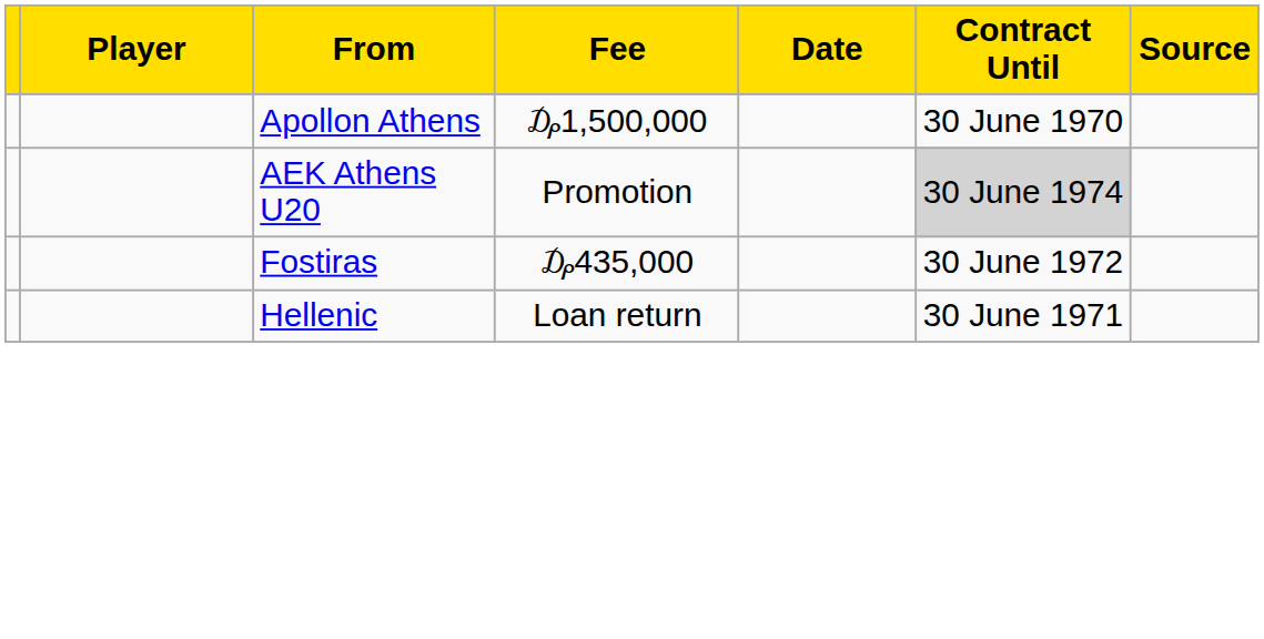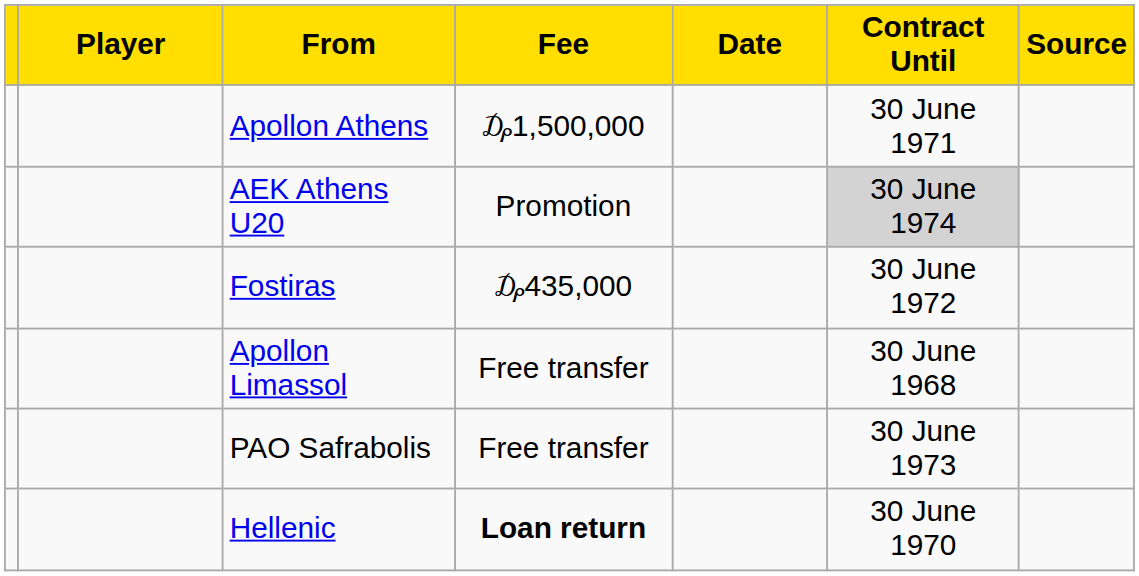 <table class="wikitable sortable">
 <tr>
 <th style="background:#FFDE00"></th>
 <th width=200 style="background:#FFDE00">Player</th>
 <th width=200 style="background:#FFDE00">From</th>
 <th width=150 style="background:#FFDE00">Fee</th>
 <th width=150 style="background:#FFDE00">Date</th>
 <th width=150 style="background:#FFDE00">Contract Until</th>
 <th style="background:#FFDE00">Source</th>
 </tr>
 <tr>
 <td align=center></td>
 <td></td>
 <td> <a href='#'>Apollon Athens</a></td>
 <td align=center>₯1,500,000</td>
 <td align=center></td>
-<td align=center>30 June 1970</td>
+<td align=center>30 June 1971</td>
 <td align=center></td>
 </tr>
 <tr>
 <td align=center></td>
 <td></td>
 <td> <a href='#'>AEK Athens U20</a></td>
 <td align=center>Promotion</td>
 <td align=center></td>
 <td align=center style="background: lightgrey;">30 June 1974</td>
 <td align=center></td>
 </tr>
 <tr>
 <td align=center></td>
 <td></td>
 <td> <a href='#'>Fostiras</a></td>
 <td align=center>₯435,000</td>
 <td align=center></td>
 <td align=center>30 June 1972</td>
 <td align=center></td>
 </tr>
 <tr>
 <td align=center></td>
 <td></td>
+<td> <a href='#'>Apollon Limassol</a></td>
+<td align=center>Free transfer</td>
+<td align=center></td>
+<td align=center>30 June 1968</td>
+<td align=center></td>
+</tr>
+<tr>
+<td align=center></td>
+<td></td>
+<td> PAO Safrabolis</td>
+<td align=center>Free transfer</td>
+<td align=center></td>
+<td align=center>30 June 1973</td>
+<td align=center></td>
+</tr>
+<tr>
+<td align=center></td>
+<td></td>
 <td> <a href='#'>Hellenic</a></td>
-<td align=center>Loan return</td>
+<td align=center><strong>Loan return</strong></td>
 <td align=center></td>
-<td align=center>30 June 1971</td>
+<td align=center>30 June 1970</td>
 <td align=center></td>
 </tr>
 </table>
